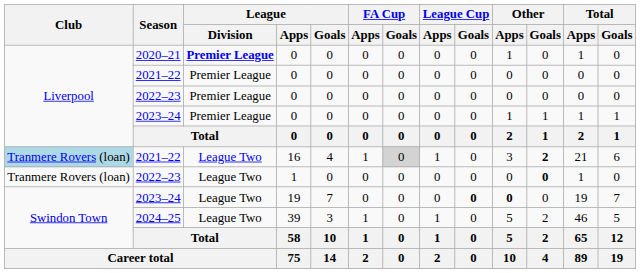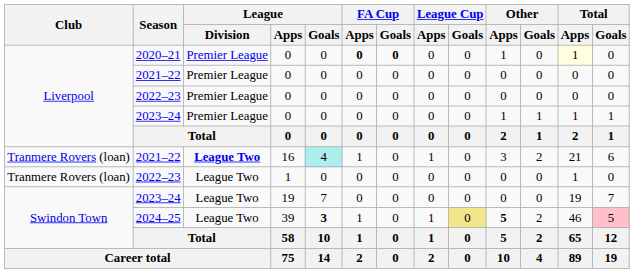 <table class=wikitable style="text-align: center;">
 <tr>
 <th rowspan="2">Club</th>
 <th rowspan="2">Season</th>
 <th colspan="3">League</th>
 <th colspan="2"><a href='#'>FA Cup</a></th>
 <th colspan="2"><a href='#'>League Cup</a></th>
 <th colspan="2">Other</th>
 <th colspan="2">Total</th>
 </tr>
 <tr>
 <th>Division</th>
 <th>Apps</th>
 <th>Goals</th>
 <th>Apps</th>
 <th>Goals</th>
 <th>Apps</th>
 <th>Goals</th>
 <th>Apps</th>
 <th>Goals</th>
 <th>Apps</th>
 <th>Goals</th>
 </tr>
 <tr>
 <td rowspan="5"><a href='#'>Liverpool</a></td>
 <td><a href='#'>2020–21</a></td>
-<td><strong><a href='#'>Premier League</a></strong></td>
+<td><a href='#'>Premier League</a></td>
 <td>0</td>
 <td>0</td>
-<td>0</td>
-<td>0</td>
+<td><strong>0</strong></td>
+<td><strong>0</strong></td>
 <td>0</td>
 <td>0</td>
 <td>1</td>
 <td>0</td>
-<td>1</td>
+<td style="background: lightyellow;">1</td>
 <td>0</td>
 </tr>
 <tr>
 <td><a href='#'>2021–22</a></td>
 <td>Premier League</td>
 <td>0</td>
 <td>0</td>
 <td>0</td>
 <td>0</td>
 <td>0</td>
 <td>0</td>
 <td>0</td>
 <td>0</td>
 <td>0</td>
 <td>0</td>
 </tr>
 <tr>
 <td><a href='#'>2022–23</a></td>
 <td>Premier League</td>
 <td>0</td>
 <td>0</td>
 <td>0</td>
 <td>0</td>
 <td>0</td>
 <td>0</td>
 <td>0</td>
 <td>0</td>
 <td>0</td>
 <td>0</td>
 </tr>
 <tr>
 <td><a href='#'>2023–24</a></td>
 <td>Premier League</td>
 <td>0</td>
 <td>0</td>
 <td>0</td>
 <td>0</td>
 <td>0</td>
 <td>0</td>
 <td>1</td>
 <td>1</td>
 <td>1</td>
 <td>1</td>
 </tr>
 <tr>
 <th colspan="2">Total</th>
 <th>0</th>
 <th>0</th>
 <th>0</th>
 <th>0</th>
 <th>0</th>
 <th>0</th>
 <th>2</th>
 <th>1</th>
 <th>2</th>
 <th>1</th>
 </tr>
 <tr>
-<td style="background: lightblue;"><a href='#'>Tranmere Rovers</a> (loan)</td>
+<td><a href='#'>Tranmere Rovers</a> (loan)</td>
 <td><a href='#'>2021–22</a></td>
-<td><a href='#'>League Two</a></td>
+<td><strong><a href='#'>League Two</a></strong></td>
 <td>16</td>
-<td>4</td>
+<td style="background: paleturquoise;">4</td>
 <td>1</td>
-<td style="background: lightgrey;">0</td>
+<td>0</td>
 <td>1</td>
 <td>0</td>
 <td>3</td>
-<td><strong>2</strong></td>
+<td>2</td>
 <td>21</td>
 <td>6</td>
 </tr>
 <tr>
 <td>Tranmere Rovers (loan)</td>
 <td><a href='#'>2022–23</a></td>
 <td>League Two</td>
 <td>1</td>
 <td>0</td>
 <td>0</td>
 <td>0</td>
 <td>0</td>
 <td>0</td>
 <td>0</td>
-<td><strong>0</strong></td>
+<td>0</td>
 <td>1</td>
 <td>0</td>
 </tr>
 <tr>
 <td rowspan=3><a href='#'>Swindon Town</a></td>
 <td><a href='#'>2023–24</a></td>
 <td>League Two</td>
 <td>19</td>
 <td>7</td>
 <td>0</td>
 <td>0</td>
 <td>0</td>
-<td><strong>0</strong></td>
-<td><strong>0</strong></td>
+<td>0</td>
+<td>0</td>
 <td>0</td>
 <td>19</td>
 <td>7</td>
 </tr>
 <tr>
 <td><a href='#'>2024–25</a></td>
 <td>League Two</td>
 <td>39</td>
-<td>3</td>
+<td><strong>3</strong></td>
 <td>1</td>
 <td>0</td>
 <td>1</td>
-<td>0</td>
-<td>5</td>
+<td style="background: khaki;">0</td>
+<td><strong>5</strong></td>
 <td>2</td>
 <td>46</td>
-<td>5</td>
+<td style="background: pink;">5</td>
 </tr>
 <tr>
 <th colspan="2">Total</th>
 <th>58</th>
 <th>10</th>
 <th>1</th>
 <th>0</th>
 <th>1</th>
 <th>0</th>
 <th>5</th>
 <th>2</th>
 <th>65</th>
 <th>12</th>
 </tr>
 <tr>
 <th colspan="3">Career total</th>
 <th>75</th>
 <th>14</th>
 <th>2</th>
 <th>0</th>
 <th>2</th>
 <th>0</th>
 <th>10</th>
 <th>4</th>
 <th>89</th>
 <th>19</th>
 </tr>
 </table>
